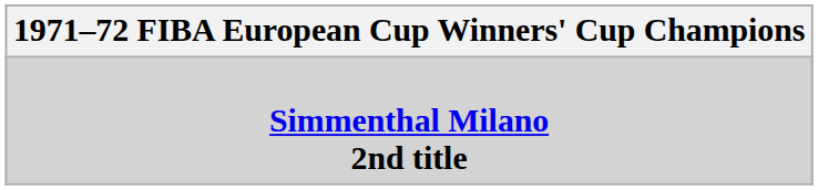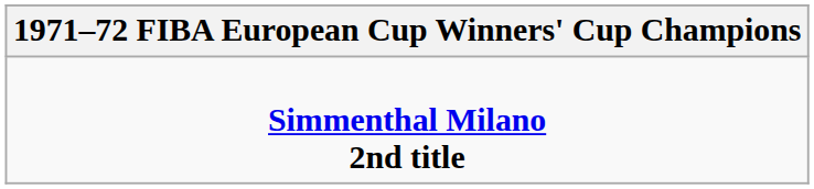 <table class=wikitable style="text-align:center; margin:auto">
 <tr>
 <th>1971–72 FIBA European Cup Winners' Cup Champions</th>
 </tr>
 <tr>
-<td style="background: lightgrey;"><br> <strong><a href='#'>Simmenthal Milano</a></strong> <br> <strong>2nd title</strong></td>
+<td><br> <strong><a href='#'>Simmenthal Milano</a></strong> <br> <strong>2nd title</strong></td>
 </tr>
 </table>
